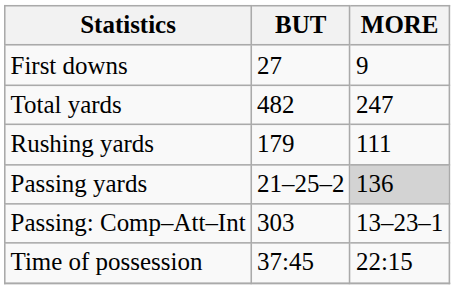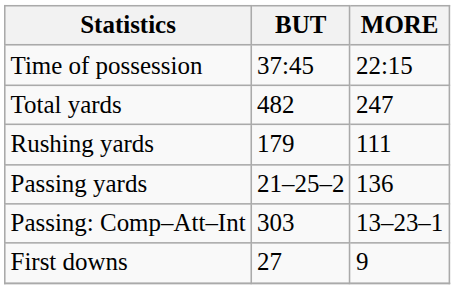 <table class="wikitable" style="float: left;">
 <tr>
 <th>Statistics</th>
 <th>BUT</th>
 <th>MORE</th>
 </tr>
 <tr>
-<td>First downs</td>
-<td>27</td>
-<td>9</td>
+<td>Time of possession</td>
+<td>37:45</td>
+<td>22:15</td>
 </tr>
 <tr>
 <td>Total yards</td>
 <td>482</td>
 <td>247</td>
 </tr>
 <tr>
 <td>Rushing yards</td>
 <td>179</td>
 <td>111</td>
 </tr>
 <tr>
 <td>Passing yards</td>
 <td>21–25–2</td>
-<td style="background: lightgrey;">136</td>
+<td>136</td>
 </tr>
 <tr>
 <td>Passing: Comp–Att–Int</td>
 <td>303</td>
 <td>13–23–1</td>
 </tr>
 <tr>
-<td>Time of possession</td>
-<td>37:45</td>
-<td>22:15</td>
+<td>First downs</td>
+<td>27</td>
+<td>9</td>
 </tr>
 <tr>
 </tr>
 </table>
